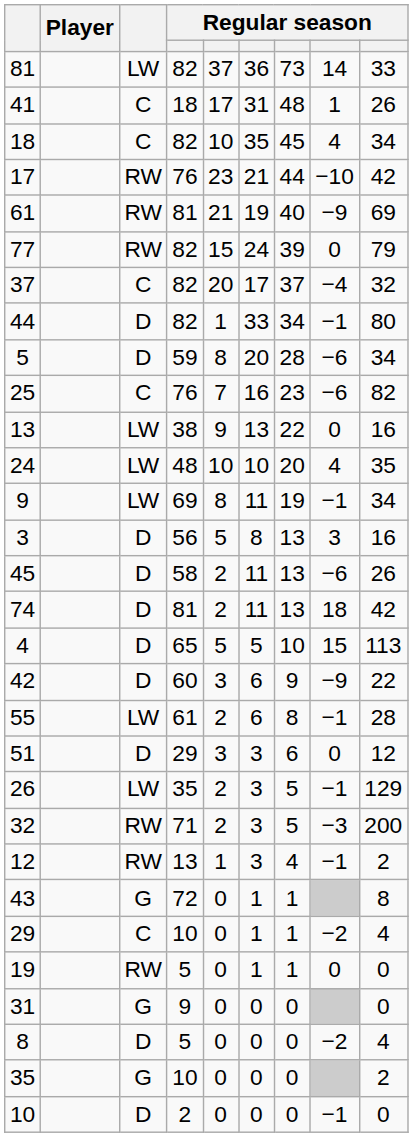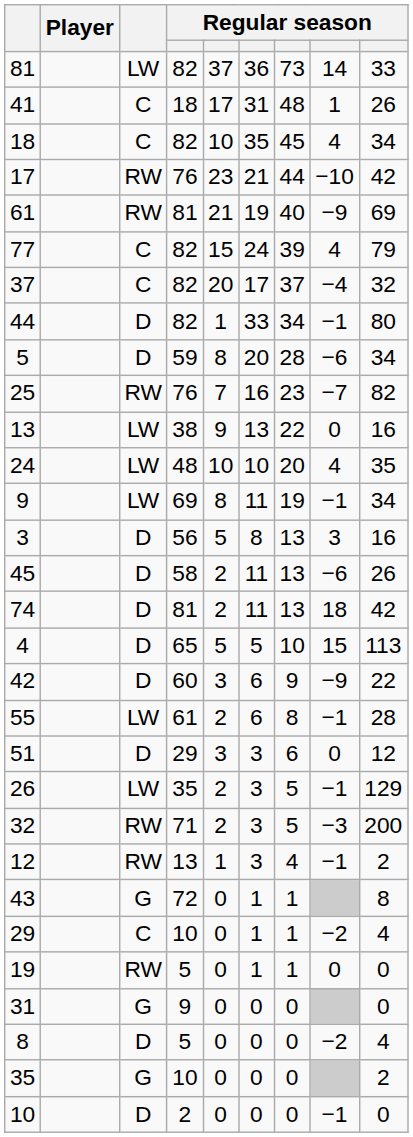 <table class="wikitable sortable plainrowheaders" style="text-align:center;">
 <tr>
 <th scope="col" data-sort-type="number" rowspan="2"></th>
 <th scope="col" rowspan="2">Player</th>
 <th scope="col" rowspan="2"></th>
 <th scope=colgroup colspan=6>Regular season</th>
 </tr>
 <tr>
 <th scope="col" data-sort-type="number"></th>
 <th scope="col" data-sort-type="number"></th>
 <th scope="col" data-sort-type="number"></th>
 <th scope="col" data-sort-type="number"></th>
 <th scope="col" data-sort-type="number"></th>
 <th scope="col" data-sort-type="number"></th>
 </tr>
 <tr>
 <td scope="row">81</td>
 <td align="left"></td>
 <td>LW</td>
 <td>82</td>
 <td>37</td>
 <td>36</td>
 <td>73</td>
 <td>14</td>
 <td>33</td>
 </tr>
 <tr>
 <td scope="row">41</td>
 <td align="left"></td>
 <td>C</td>
 <td>18</td>
 <td>17</td>
 <td>31</td>
 <td>48</td>
 <td>1</td>
 <td>26</td>
 </tr>
 <tr>
 <td scope="row">18</td>
 <td align="left"></td>
 <td>C</td>
 <td>82</td>
 <td>10</td>
 <td>35</td>
 <td>45</td>
 <td>4</td>
 <td>34</td>
 </tr>
 <tr>
 <td scope="row">17</td>
 <td align="left"></td>
 <td>RW</td>
 <td>76</td>
 <td>23</td>
 <td>21</td>
 <td>44</td>
 <td>−10</td>
 <td>42</td>
 </tr>
 <tr>
 <td scope="row">61</td>
 <td align="left"></td>
 <td>RW</td>
 <td>81</td>
 <td>21</td>
 <td>19</td>
 <td>40</td>
 <td>−9</td>
 <td>69</td>
 </tr>
 <tr>
 <td scope="row">77</td>
 <td align="left"></td>
-<td>RW</td>
+<td>C</td>
 <td>82</td>
 <td>15</td>
 <td>24</td>
 <td>39</td>
-<td>0</td>
+<td>4</td>
 <td>79</td>
 </tr>
 <tr>
 <td scope="row">37</td>
 <td align="left"></td>
 <td>C</td>
 <td>82</td>
 <td>20</td>
 <td>17</td>
 <td>37</td>
 <td>−4</td>
 <td>32</td>
 </tr>
 <tr>
 <td scope="row">44</td>
 <td align="left"></td>
 <td>D</td>
 <td>82</td>
 <td>1</td>
 <td>33</td>
 <td>34</td>
 <td>−1</td>
 <td>80</td>
 </tr>
 <tr>
 <td scope="row">5</td>
 <td align="left"></td>
 <td>D</td>
 <td>59</td>
 <td>8</td>
 <td>20</td>
 <td>28</td>
 <td>−6</td>
 <td>34</td>
 </tr>
 <tr>
 <td scope="row">25</td>
 <td align="left"></td>
-<td>C</td>
+<td>RW</td>
 <td>76</td>
 <td>7</td>
 <td>16</td>
 <td>23</td>
-<td>−6</td>
+<td>−7</td>
 <td>82</td>
 </tr>
 <tr>
 <td scope="row">13</td>
 <td align="left"></td>
 <td>LW</td>
 <td>38</td>
 <td>9</td>
 <td>13</td>
 <td>22</td>
 <td>0</td>
 <td>16</td>
 </tr>
 <tr>
 <td scope="row">24</td>
 <td align="left"></td>
 <td>LW</td>
 <td>48</td>
 <td>10</td>
 <td>10</td>
 <td>20</td>
 <td>4</td>
 <td>35</td>
 </tr>
 <tr>
 <td scope="row">9</td>
 <td align="left"></td>
 <td>LW</td>
 <td>69</td>
 <td>8</td>
 <td>11</td>
 <td>19</td>
 <td>−1</td>
 <td>34</td>
 </tr>
 <tr>
 <td scope="row">3</td>
 <td align="left"></td>
 <td>D</td>
 <td>56</td>
 <td>5</td>
 <td>8</td>
 <td>13</td>
 <td>3</td>
 <td>16</td>
 </tr>
 <tr>
 <td scope="row">45</td>
 <td align="left"></td>
 <td>D</td>
 <td>58</td>
 <td>2</td>
 <td>11</td>
 <td>13</td>
 <td>−6</td>
 <td>26</td>
 </tr>
 <tr>
 <td scope="row">74</td>
 <td align="left"></td>
 <td>D</td>
 <td>81</td>
 <td>2</td>
 <td>11</td>
 <td>13</td>
 <td>18</td>
 <td>42</td>
 </tr>
 <tr>
 <td scope="row">4</td>
 <td align="left"></td>
 <td>D</td>
 <td>65</td>
 <td>5</td>
 <td>5</td>
 <td>10</td>
 <td>15</td>
 <td>113</td>
 </tr>
 <tr>
 <td scope="row">42</td>
 <td align="left"></td>
 <td>D</td>
 <td>60</td>
 <td>3</td>
 <td>6</td>
 <td>9</td>
 <td>−9</td>
 <td>22</td>
 </tr>
 <tr>
 <td scope="row">55</td>
 <td align="left"></td>
 <td>LW</td>
 <td>61</td>
 <td>2</td>
 <td>6</td>
 <td>8</td>
 <td>−1</td>
 <td>28</td>
 </tr>
 <tr>
 <td scope="row">51</td>
 <td align="left"></td>
 <td>D</td>
 <td>29</td>
 <td>3</td>
 <td>3</td>
 <td>6</td>
 <td>0</td>
 <td>12</td>
 </tr>
 <tr>
 <td scope="row">26</td>
 <td align="left"></td>
 <td>LW</td>
 <td>35</td>
 <td>2</td>
 <td>3</td>
 <td>5</td>
 <td>−1</td>
 <td>129</td>
 </tr>
 <tr>
 <td scope="row">32</td>
 <td align="left"></td>
 <td>RW</td>
 <td>71</td>
 <td>2</td>
 <td>3</td>
 <td>5</td>
 <td>−3</td>
 <td>200</td>
 </tr>
 <tr>
 <td scope="row">12</td>
 <td align="left"></td>
 <td>RW</td>
 <td>13</td>
 <td>1</td>
 <td>3</td>
 <td>4</td>
 <td>−1</td>
 <td>2</td>
 </tr>
 <tr>
 <td scope="row">43</td>
 <td align="left"></td>
 <td>G</td>
 <td>72</td>
 <td>0</td>
 <td>1</td>
 <td>1</td>
 <td style="background:#ccc"></td>
 <td>8</td>
 </tr>
 <tr>
 <td scope="row">29</td>
 <td align="left"></td>
 <td>C</td>
 <td>10</td>
 <td>0</td>
 <td>1</td>
 <td>1</td>
 <td>−2</td>
 <td>4</td>
 </tr>
 <tr>
 <td scope="row">19</td>
 <td align="left"></td>
 <td>RW</td>
 <td>5</td>
 <td>0</td>
 <td>1</td>
 <td>1</td>
 <td>0</td>
 <td>0</td>
 </tr>
 <tr>
 <td scope="row">31</td>
 <td align="left"></td>
 <td>G</td>
 <td>9</td>
 <td>0</td>
 <td>0</td>
 <td>0</td>
 <td style="background:#ccc"></td>
 <td>0</td>
 </tr>
 <tr>
 <td scope="row">8</td>
 <td align="left"></td>
 <td>D</td>
 <td>5</td>
 <td>0</td>
 <td>0</td>
 <td>0</td>
 <td>−2</td>
 <td>4</td>
 </tr>
 <tr>
 <td scope="row">35</td>
 <td align="left"></td>
 <td>G</td>
 <td>10</td>
 <td>0</td>
 <td>0</td>
 <td>0</td>
 <td style="background:#ccc"></td>
 <td>2</td>
 </tr>
 <tr>
 <td scope="row">10</td>
 <td align="left"></td>
 <td>D</td>
 <td>2</td>
 <td>0</td>
 <td>0</td>
 <td>0</td>
 <td>−1</td>
 <td>0</td>
 </tr>
 </table>
